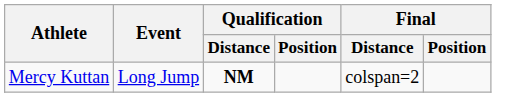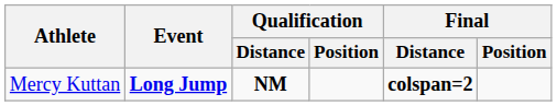 <table class=wikitable style="font-size:90%">
 <tr>
 <th rowspan="2">Athlete</th>
 <th rowspan="2">Event</th>
 <th colspan="2">Qualification</th>
 <th colspan="2">Final</th>
 </tr>
 <tr style="font-size:95%">
 <th>Distance</th>
 <th>Position</th>
 <th>Distance</th>
 <th>Position</th>
 </tr>
 <tr style=text-align:center>
 <td style=text-align:left><a href='#'>Mercy Kuttan</a></td>
-<td style="text-align:left"><a href='#'>Long Jump</a></td>
+<td style="text-align:left"><strong><a href='#'>Long Jump</a></strong></td>
 <td><strong>NM</strong></td>
 <td></td>
-<td>colspan=2 </td>
+<td><strong>colspan=2 </strong></td>
 </tr>
 </table>
